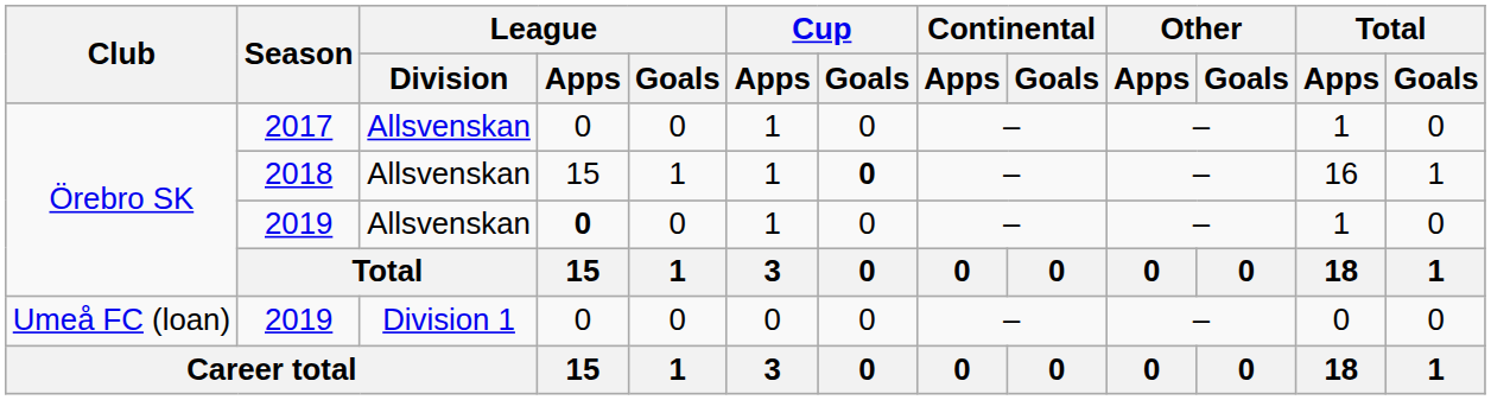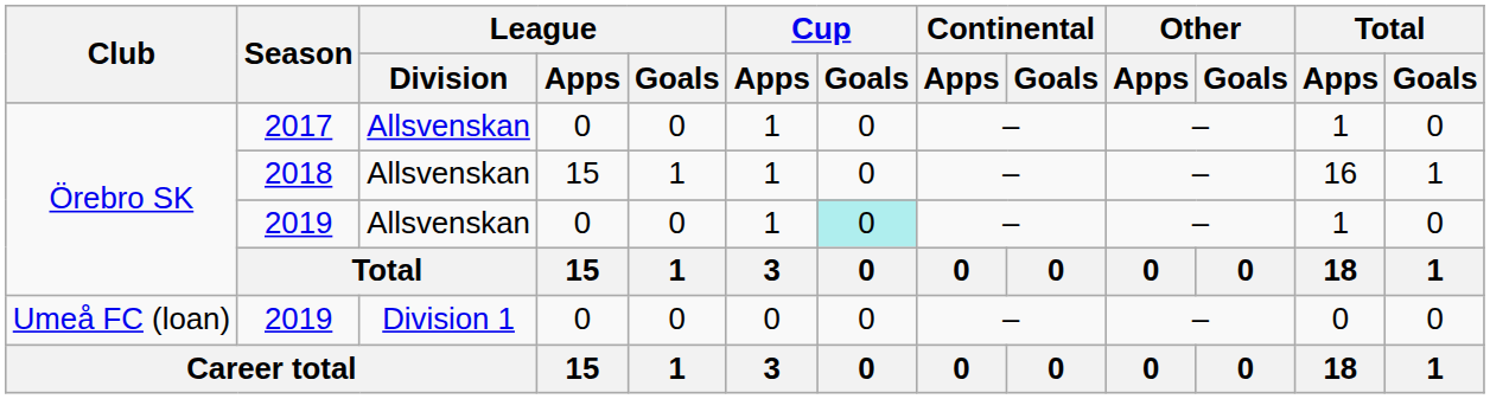 <table class="wikitable" style="text-align: center;">
 <tr>
 <th rowspan=2>Club</th>
 <th rowspan=2>Season</th>
 <th colspan=3>League</th>
 <th colspan=2><a href='#'>Cup</a></th>
 <th colspan=2>Continental</th>
 <th colspan=2>Other</th>
 <th colspan=2>Total</th>
 </tr>
 <tr>
 <th>Division</th>
 <th>Apps</th>
 <th>Goals</th>
 <th>Apps</th>
 <th>Goals</th>
 <th>Apps</th>
 <th>Goals</th>
 <th>Apps</th>
 <th>Goals</th>
 <th>Apps</th>
 <th>Goals</th>
 </tr>
 <tr>
 <td rowspan=4><a href='#'>Örebro SK</a></td>
 <td><a href='#'>2017</a></td>
 <td><a href='#'>Allsvenskan</a></td>
 <td>0</td>
 <td>0</td>
 <td>1</td>
 <td>0</td>
 <td colspan=2>–</td>
 <td colspan=2>–</td>
 <td>1</td>
 <td>0</td>
 </tr>
 <tr>
 <td><a href='#'>2018</a></td>
 <td>Allsvenskan</td>
 <td>15</td>
 <td>1</td>
 <td>1</td>
-<td><strong>0</strong></td>
+<td>0</td>
 <td colspan=2>–</td>
 <td colspan=2>–</td>
 <td>16</td>
 <td>1</td>
 </tr>
 <tr>
 <td><a href='#'>2019</a></td>
 <td>Allsvenskan</td>
-<td><strong>0</strong></td>
+<td>0</td>
 <td>0</td>
 <td>1</td>
-<td>0</td>
+<td style="background: paleturquoise;">0</td>
 <td colspan=2>–</td>
 <td colspan=2>–</td>
 <td>1</td>
 <td>0</td>
 </tr>
 <tr>
 <th colspan=2>Total</th>
 <th>15</th>
 <th>1</th>
 <th>3</th>
 <th>0</th>
 <th>0</th>
 <th>0</th>
 <th>0</th>
 <th>0</th>
 <th>18</th>
 <th>1</th>
 </tr>
 <tr>
 <td><a href='#'>Umeå FC</a> (loan)</td>
 <td><a href='#'>2019</a></td>
 <td><a href='#'>Division 1</a></td>
 <td>0</td>
 <td>0</td>
 <td>0</td>
 <td>0</td>
 <td colspan=2>–</td>
 <td colspan=2>–</td>
 <td>0</td>
 <td>0</td>
 </tr>
 <tr>
 <th colspan=3>Career total</th>
 <th>15</th>
 <th>1</th>
 <th>3</th>
 <th>0</th>
 <th>0</th>
 <th>0</th>
 <th>0</th>
 <th>0</th>
 <th>18</th>
 <th>1</th>
 </tr>
 </table>
